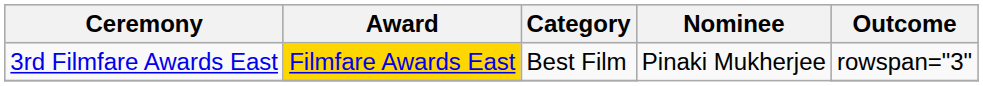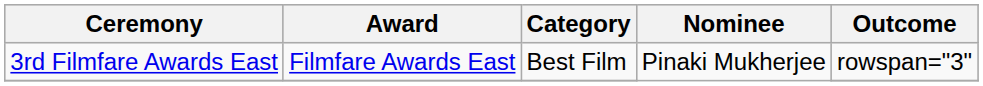 <table class="wikitable" style="font-size:95%;">
 <tr>
 <th>Ceremony</th>
 <th>Award</th>
 <th>Category</th>
 <th>Nominee</th>
 <th>Outcome</th>
 </tr>
 <tr>
 <td><a href='#'>3rd Filmfare Awards East</a></td>
-<td style="background: gold;"><a href='#'>Filmfare Awards East</a></td>
+<td><a href='#'>Filmfare Awards East</a></td>
 <td>Best Film</td>
 <td rowspan="3">Pinaki Mukherjee</td>
 <td>rowspan="3" </td>
 </tr>
 <tr>
 </tr>
 </table>
